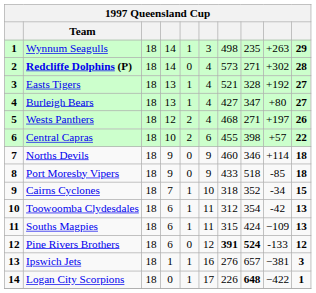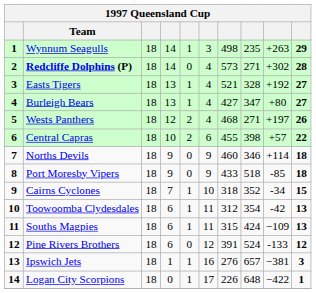 <table class="wikitable" style="text-align:center;">
 <tr>
 <th colspan="11">1997 Queensland Cup</th>
 </tr>
 <tr>
 <th width="20"></th>
 <th>Team</th>
 <th width="20"></th>
 <th width="20"></th>
 <th width="20"></th>
 <th width="20"></th>
 <th width="25"></th>
 <th width="25"></th>
 <th width="30"></th>
 <th width="20"></th>
 </tr>
 <tr style="background: #ccffcc;">
 <td><strong>1</strong></td>
 <td style="text-align:left;"> <a href='#'>Wynnum Seagulls</a></td>
 <td>18</td>
 <td>14</td>
 <td>1</td>
 <td>3</td>
 <td>498</td>
 <td>235</td>
 <td>+263</td>
 <td><strong>29</strong></td>
 </tr>
 <tr style="background: #ccffcc;">
 <td><strong>2</strong></td>
 <td style="text-align:left;"> <strong><a href='#'>Redcliffe Dolphins</a> (P)</strong></td>
 <td>18</td>
 <td>14</td>
 <td>0</td>
 <td>4</td>
 <td>573</td>
 <td>271</td>
 <td>+302</td>
 <td><strong>28</strong></td>
 </tr>
 <tr style="background: #ccffcc;">
 <td><strong>3</strong></td>
 <td style="text-align:left;"> <a href='#'>Easts Tigers</a></td>
 <td>18</td>
 <td>13</td>
 <td>1</td>
 <td>4</td>
 <td>521</td>
 <td>328</td>
 <td>+192</td>
 <td><strong>27</strong></td>
 </tr>
 <tr style="background: #ccffcc;">
 <td><strong>4</strong></td>
 <td style="text-align:left;"> <a href='#'>Burleigh Bears</a></td>
 <td>18</td>
 <td>13</td>
 <td>1</td>
 <td>4</td>
 <td>427</td>
 <td>347</td>
 <td>+80</td>
 <td><strong>27</strong></td>
 </tr>
 <tr style="background: #ccffcc;">
 <td><strong>5</strong></td>
 <td style="text-align:left;"> <a href='#'>Wests Panthers</a></td>
 <td>18</td>
 <td>12</td>
 <td>2</td>
 <td>4</td>
 <td>468</td>
 <td>271</td>
 <td>+197</td>
 <td><strong>26</strong></td>
 </tr>
 <tr style="background: #ccffcc;">
 <td><strong>6</strong></td>
 <td style="text-align:left;"> <a href='#'>Central Capras</a></td>
 <td>18</td>
 <td>10</td>
 <td>2</td>
 <td>6</td>
 <td>455</td>
 <td>398</td>
 <td>+57</td>
 <td><strong>22</strong></td>
 </tr>
 <tr style="background:">
 <td><strong>7</strong></td>
 <td style="text-align:left;"> <a href='#'>Norths Devils</a></td>
 <td>18</td>
 <td>9</td>
 <td>0</td>
 <td>9</td>
 <td>460</td>
 <td>346</td>
 <td>+114</td>
 <td><strong>18</strong></td>
 </tr>
 <tr style="background:">
 <td><strong>8</strong></td>
 <td style="text-align:left;"> <a href='#'>Port Moresby Vipers</a></td>
 <td>18</td>
 <td>9</td>
 <td>0</td>
 <td>9</td>
 <td>433</td>
 <td>518</td>
 <td>-85</td>
 <td><strong>18</strong></td>
 </tr>
 <tr style="background:">
 <td><strong>9</strong></td>
 <td style="text-align:left;"> <a href='#'>Cairns Cyclones</a></td>
 <td>18</td>
 <td>7</td>
 <td>1</td>
 <td>10</td>
 <td>318</td>
 <td>352</td>
 <td>-34</td>
 <td><strong>15</strong></td>
 </tr>
 <tr style="background:">
 <td><strong>10</strong></td>
 <td style="text-align:left;"> <a href='#'>Toowoomba Clydesdales</a></td>
 <td>18</td>
 <td>6</td>
 <td>1</td>
 <td>11</td>
 <td>312</td>
 <td>354</td>
 <td>-42</td>
 <td><strong>13</strong></td>
 </tr>
 <tr style="background:">
 <td><strong>11</strong></td>
 <td style="text-align:left;"> <a href='#'>Souths Magpies</a></td>
 <td>18</td>
 <td>6</td>
 <td>1</td>
 <td>11</td>
 <td>315</td>
 <td>424</td>
 <td>−109</td>
 <td><strong>13</strong></td>
 </tr>
 <tr style="background:">
 <td><strong>12</strong></td>
 <td style="text-align:left;"> <a href='#'>Pine Rivers Brothers</a></td>
 <td>18</td>
 <td>6</td>
 <td>0</td>
 <td>12</td>
-<td><strong>391</strong></td>
-<td><strong>524</strong></td>
+<td>391</td>
+<td>524</td>
 <td>-133</td>
 <td><strong>12</strong></td>
 </tr>
 <tr style="background:">
 <td><strong>13</strong></td>
 <td style="text-align:left;"> <a href='#'>Ipswich Jets</a></td>
 <td>18</td>
 <td>1</td>
 <td>1</td>
 <td>16</td>
 <td>276</td>
 <td>657</td>
 <td>−381</td>
 <td><strong>3</strong></td>
 </tr>
 <tr style="background:">
 <td><strong>14</strong></td>
 <td style="text-align:left;"> <a href='#'>Logan City Scorpions</a></td>
 <td>18</td>
 <td>0</td>
 <td>1</td>
 <td>17</td>
 <td>226</td>
-<td><strong>648</strong></td>
+<td>648</td>
 <td>−422</td>
 <td><strong>1</strong></td>
 </tr>
 <tr style="background:">
 </tr>
 </table>
